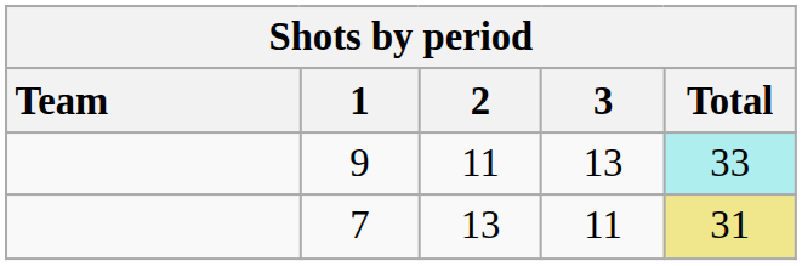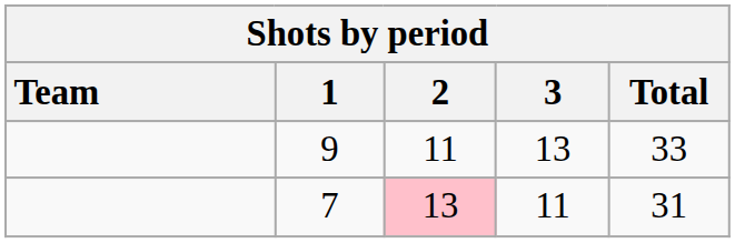 <table class="wikitable" style="width:20em; text-align:right;">
 <tr>
 <th colspan=6>Shots by period</th>
 </tr>
 <tr>
 <th style="width:8em; text-align:left;">Team</th>
 <th style="width:3em;">1</th>
 <th style="width:3em;">2</th>
 <th style="width:3em;">3</th>
 <th style="width:3em;">Total</th>
 </tr>
 <tr>
 <td style="text-align:left;"></td>
 <td align=center>9</td>
 <td align=center>11</td>
 <td align=center>13</td>
-<td align=center style="background: paleturquoise;">33</td>
+<td align=center>33</td>
 </tr>
 <tr>
 <td style="text-align:left;"></td>
 <td align=center>7</td>
-<td align=center>13</td>
+<td align=center style="background: pink;">13</td>
 <td align=center>11</td>
-<td align=center style="background: khaki;">31</td>
+<td align=center>31</td>
 </tr>
 </table>
